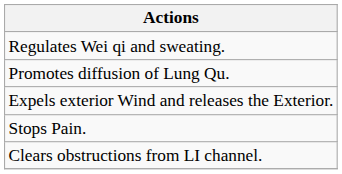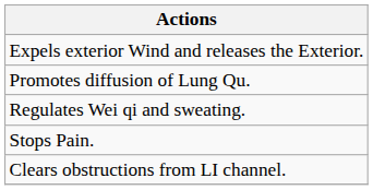 <table class="wikitable" border="1">
 <tr>
 <th>Actions</th>
 </tr>
 <tr>
-<td>Regulates Wei qi and sweating.</td>
+<td>Expels exterior Wind and releases the Exterior.</td>
 </tr>
 <tr>
 <td>Promotes diffusion of Lung Qu.</td>
 </tr>
 <tr>
-<td>Expels exterior Wind and releases the Exterior.</td>
+<td>Regulates Wei qi and sweating.</td>
 </tr>
 <tr>
 <td>Stops Pain.</td>
 </tr>
 <tr>
 <td>Clears obstructions from LI channel.</td>
 </tr>
 <tr>
 </tr>
 </table>
